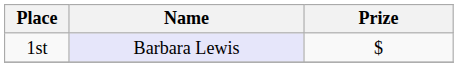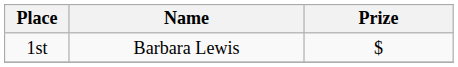 <table class="wikitable">
 <tr>
 <th width="50">Place</th>
 <th width="200">Name</th>
 <th width="125">Prize</th>
 </tr>
 <tr>
 <td align = "center">1st</td>
-<td align = "center" style="background: lavender;">Barbara Lewis</td>
+<td align = "center">Barbara Lewis</td>
 <td align = "center">$</td>
 </tr>
 <tr>
 </tr>
 </table>
